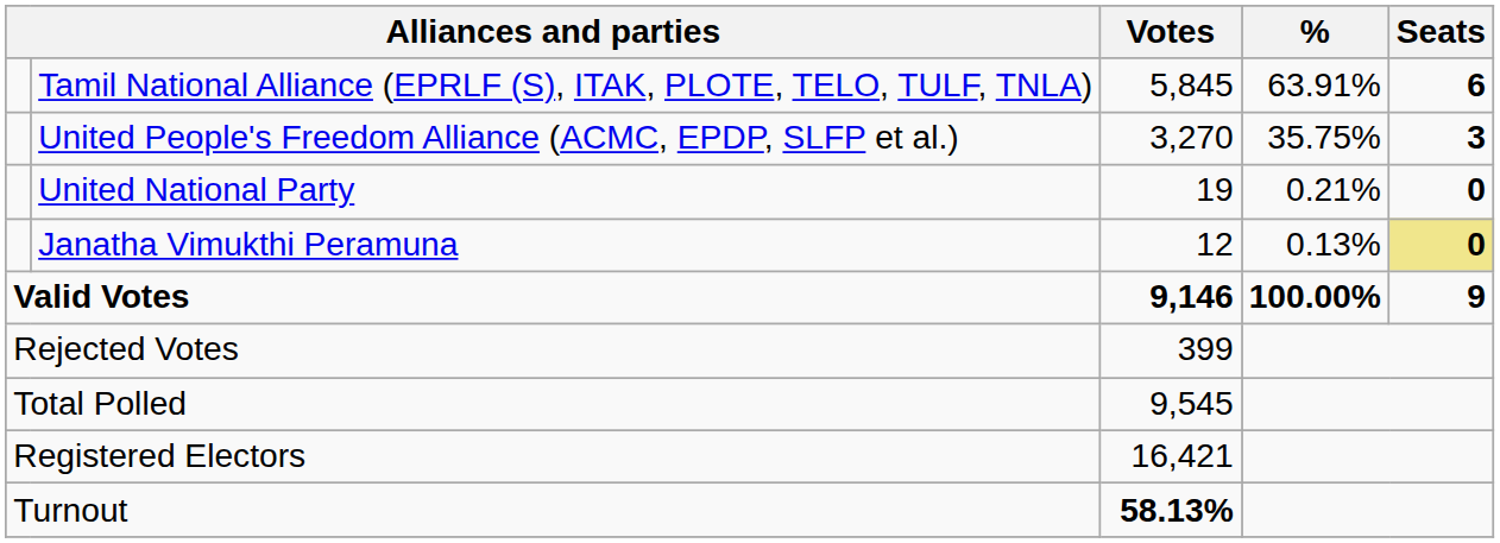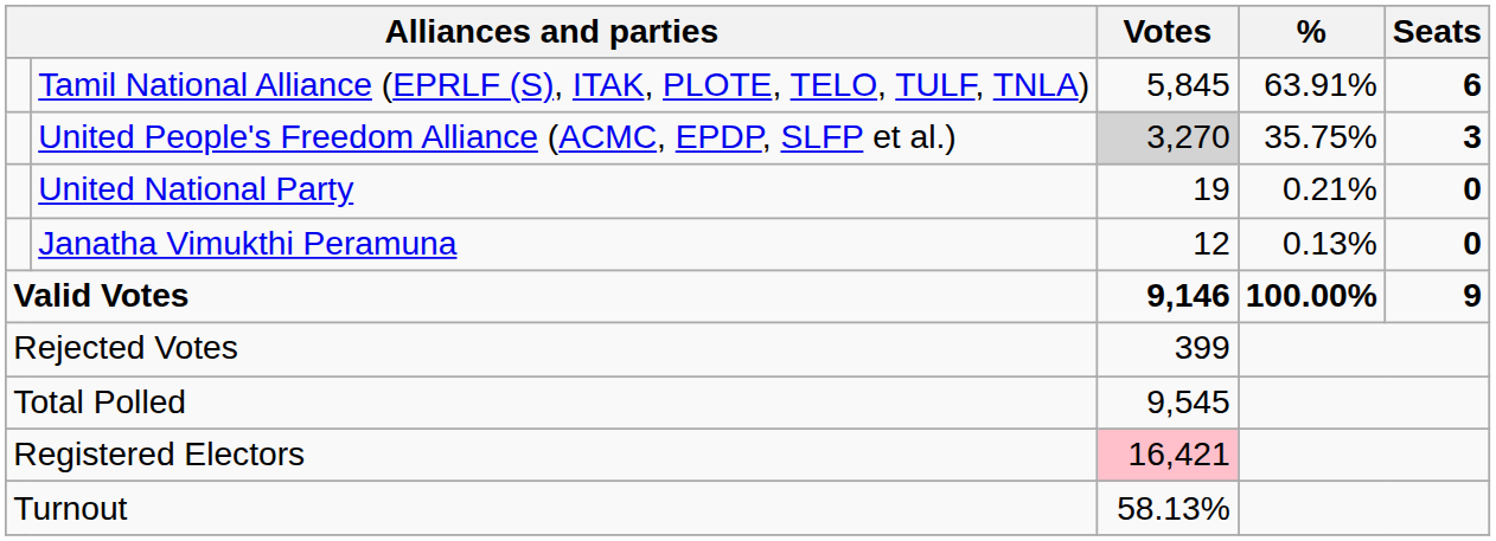 <table class="wikitable" border="1" style="text-align:right;">
 <tr>
 <th valign=bottom align=left colspan=2>Alliances and parties</th>
 <th valign=bottom align=center width="60">Votes</th>
 <th valign=bottom align=center width="50">%</th>
 <th valign=bottom align=center>Seats</th>
 </tr>
 <tr>
 <td bgcolor=> </td>
 <td align=left><a href='#'>Tamil National Alliance</a> (<a href='#'>EPRLF (S)</a>, <a href='#'>ITAK</a>, <a href='#'>PLOTE</a>, <a href='#'>TELO</a>, <a href='#'>TULF</a>, <a href='#'>TNLA</a>)</td>
 <td>5,845</td>
 <td>63.91%</td>
 <td><strong>6</strong></td>
 </tr>
 <tr>
 <td bgcolor=> </td>
 <td align=left><a href='#'>United People's Freedom Alliance</a> (<a href='#'>ACMC</a>, <a href='#'>EPDP</a>, <a href='#'>SLFP</a> et al.)</td>
-<td>3,270</td>
+<td style="background: lightgrey;">3,270</td>
 <td>35.75%</td>
 <td><strong>3</strong></td>
 </tr>
 <tr>
 <td bgcolor=> </td>
 <td align=left><a href='#'>United National Party</a></td>
 <td>19</td>
 <td>0.21%</td>
 <td><strong>0</strong></td>
 </tr>
 <tr>
 <td bgcolor=> </td>
 <td align=left><a href='#'>Janatha Vimukthi Peramuna</a></td>
 <td>12</td>
 <td>0.13%</td>
-<td style="background: khaki;"><strong>0</strong></td>
+<td><strong>0</strong></td>
 </tr>
 <tr>
 <td colspan=2 align=left><strong>Valid Votes</strong></td>
 <td><strong>9,146</strong></td>
 <td><strong>100.00%</strong></td>
 <td><strong>9</strong></td>
 </tr>
 <tr>
 <td colspan=2 align=left>Rejected Votes</td>
 <td>399</td>
 <td colspan=2></td>
 </tr>
 <tr>
 <td colspan=2 align=left>Total Polled</td>
 <td>9,545</td>
 <td colspan=2></td>
 </tr>
 <tr>
 <td colspan=2 align=left>Registered Electors</td>
-<td>16,421</td>
+<td style="background: pink;">16,421</td>
 <td colspan=2></td>
 </tr>
 <tr>
 <td colspan=2 align=left>Turnout</td>
-<td><strong>58.13%</strong></td>
+<td>58.13%</td>
 <td colspan=2></td>
 </tr>
 </table>
